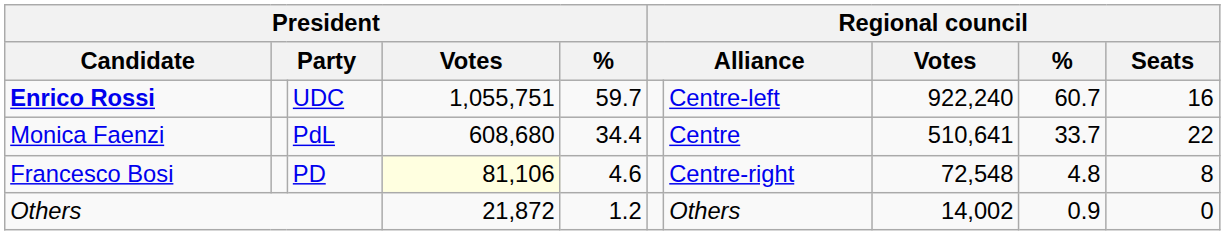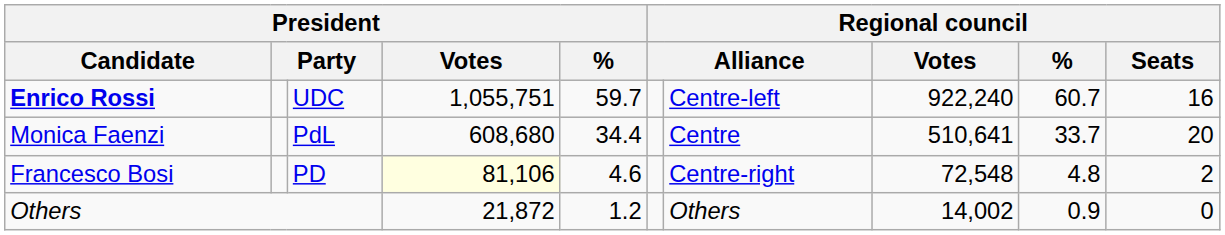 <table class="wikitable" style="text-align:right; style="width=65%">
 <tr>
 <th colspan="5">President</th>
 <th colspan="7">Regional council</th>
 </tr>
 <tr>
 <th>Candidate</th>
 <th colspan="2">Party</th>
 <th>Votes</th>
 <th>%</th>
 <th colspan="2">Alliance</th>
 <th>Votes</th>
 <th>%</th>
 <th>Seats</th>
 </tr>
 <tr>
 <td style="text-align:left"><strong><a href='#'>Enrico Rossi</a></strong></td>
 <td></td>
 <td style="text-align:left"><a href='#'>UDC</a></td>
 <td>1,055,751</td>
 <td>59.7</td>
 <td></td>
 <td style="text-align:left"><a href='#'>Centre-left</a></td>
 <td>922,240</td>
 <td>60.7</td>
 <td>16</td>
 </tr>
 <tr>
 <td style="text-align:left"><a href='#'>Monica Faenzi</a></td>
 <td></td>
 <td style="text-align:left"><a href='#'>PdL</a></td>
 <td>608,680</td>
 <td>34.4</td>
 <td></td>
 <td style="text-align:left"><a href='#'>Centre</a></td>
 <td>510,641</td>
 <td>33.7</td>
-<td>22</td>
+<td>20</td>
 </tr>
 <tr>
 <td style="text-align:left"><a href='#'>Francesco Bosi</a></td>
 <td></td>
 <td style="text-align:left"><a href='#'>PD</a></td>
 <td style="background: lightyellow;">81,106</td>
 <td>4.6</td>
 <td></td>
 <td style="text-align:left"><a href='#'>Centre-right</a></td>
 <td>72,548</td>
 <td>4.8</td>
-<td>8</td>
+<td>2</td>
 </tr>
 <tr>
 <td colspan="3" style="text-align:left"><em>Others</em></td>
 <td>21,872</td>
 <td>1.2</td>
 <td></td>
 <td style="text-align:left"><em>Others</em></td>
 <td>14,002</td>
 <td>0.9</td>
 <td>0</td>
 </tr>
 </table>
